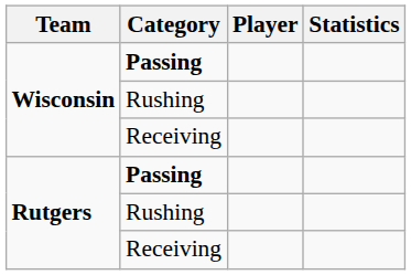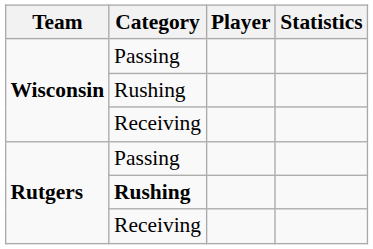 <table class="wikitable" style="float: right;">
 <tr>
 <th>Team</th>
 <th>Category</th>
 <th>Player</th>
 <th>Statistics</th>
 </tr>
 <tr>
 <td rowspan=3><strong>Wisconsin</strong></td>
-<td><strong>Passing</strong></td>
+<td>Passing</td>
 <td></td>
 <td></td>
 </tr>
 <tr>
 <td>Rushing</td>
 <td></td>
 <td></td>
 </tr>
 <tr>
 <td>Receiving</td>
 <td></td>
 <td></td>
 </tr>
 <tr>
 <td rowspan=3><strong>Rutgers</strong></td>
-<td><strong>Passing</strong></td>
+<td>Passing</td>
 <td></td>
 <td></td>
 </tr>
 <tr>
-<td>Rushing</td>
+<td><strong>Rushing</strong></td>
 <td></td>
 <td></td>
 </tr>
 <tr>
 <td>Receiving</td>
 <td></td>
 <td></td>
 </tr>
 </table>
